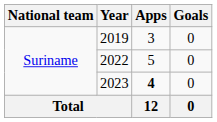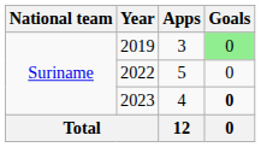 <table class="wikitable" style="text-align:center">
 <tr>
 <th>National team</th>
 <th>Year</th>
 <th>Apps</th>
 <th>Goals</th>
 </tr>
 <tr>
 <td rowspan="3"><a href='#'>Suriname</a></td>
 <td>2019</td>
 <td>3</td>
-<td>0</td>
+<td style="background: lightgreen;">0</td>
 </tr>
 <tr>
 <td>2022</td>
 <td>5</td>
 <td>0</td>
 </tr>
 <tr>
 <td>2023</td>
-<td><strong>4</strong></td>
-<td>0</td>
+<td>4</td>
+<td><strong>0</strong></td>
 </tr>
 <tr>
 <th colspan=2>Total</th>
 <th>12</th>
 <th>0</th>
 </tr>
 </table>
